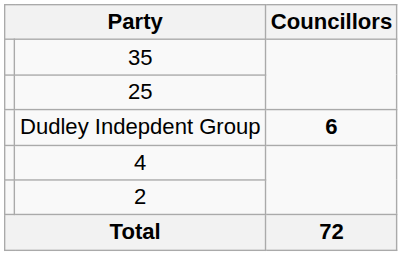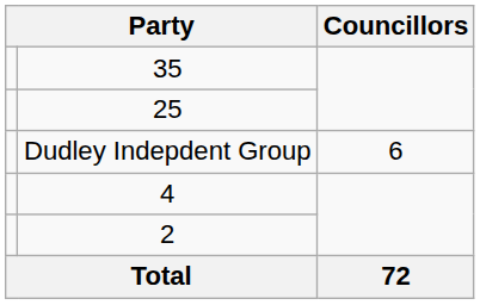 <table class="wikitable">
 <tr>
 <th colspan="2">Party</th>
 <th>Councillors</th>
 </tr>
 <tr>
 <td></td>
 <td align="center">35</td>
 </tr>
 <tr>
 <td></td>
 <td align="center">25</td>
 </tr>
 <tr>
 <td></td>
 <td>Dudley Indepdent Group</td>
-<td align="center"><strong>6</strong></td>
+<td align="center">6</td>
 </tr>
 <tr>
 <td></td>
 <td align="center">4</td>
 </tr>
 <tr>
 <td></td>
 <td align="center">2</td>
 </tr>
 <tr>
 <th colspan="2">Total</th>
 <th align="center">72</th>
 </tr>
 </table>
